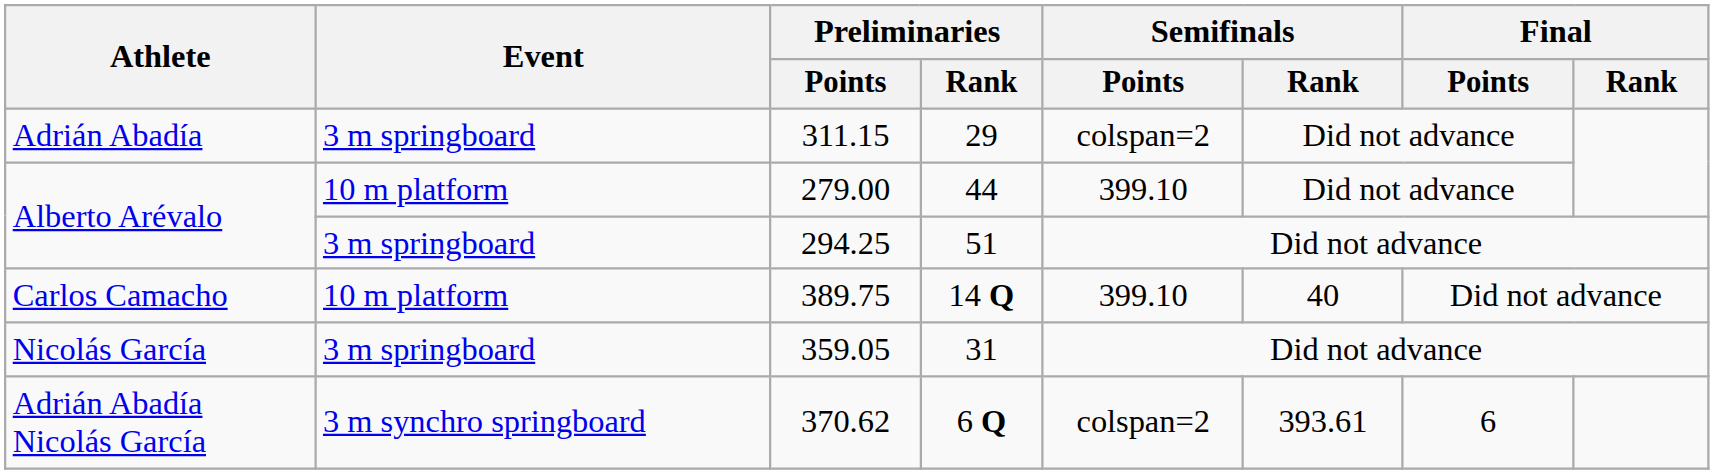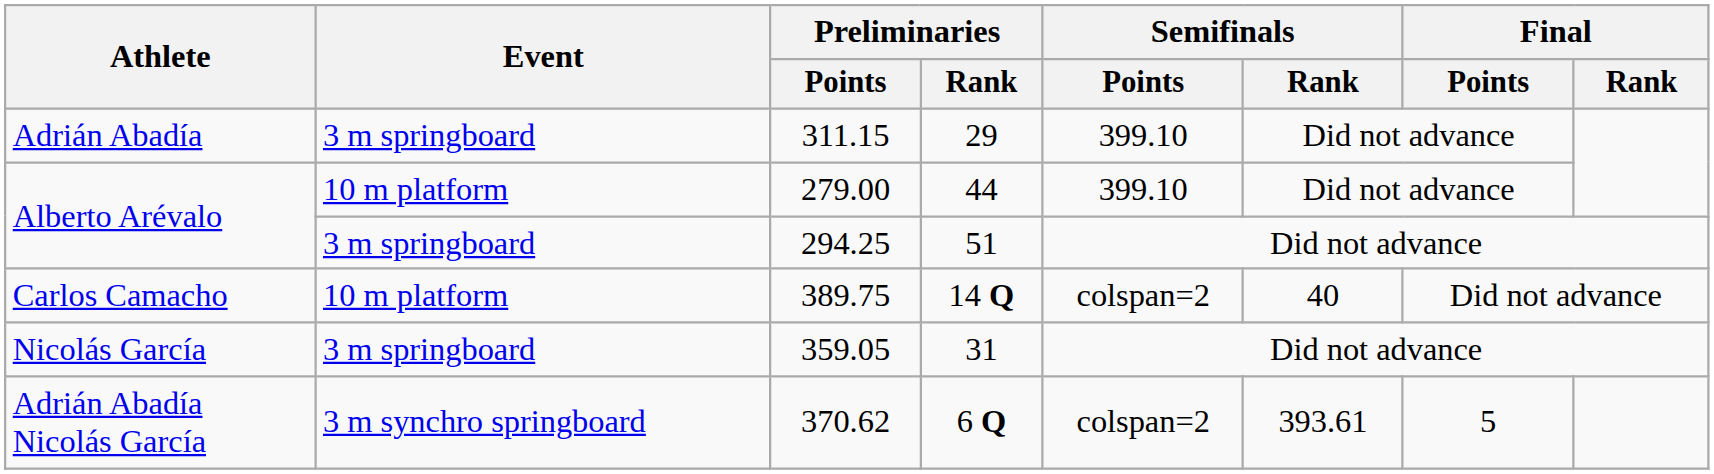 <table class="wikitable" style="text-align:center; font-size:90%; width:60%;">
 <tr>
 <th rowspan=2>Athlete</th>
 <th rowspan=2>Event</th>
 <th colspan=2>Preliminaries</th>
 <th colspan=2>Semifinals</th>
 <th colspan=2>Final</th>
 </tr>
 <tr style="font-size:95%">
 <th>Points</th>
 <th>Rank</th>
 <th>Points</th>
 <th>Rank</th>
 <th>Points</th>
 <th>Rank</th>
 </tr>
 <tr>
 <td align=left><a href='#'>Adrián Abadía</a></td>
 <td align=left><a href='#'>3 m springboard</a></td>
 <td>311.15</td>
 <td>29</td>
-<td>colspan=2 </td>
+<td>399.10</td>
 <td colspan=2>Did not advance</td>
 </tr>
 <tr>
 <td align=left rowspan=2><a href='#'>Alberto Arévalo</a></td>
 <td align=left><a href='#'>10 m platform</a></td>
 <td>279.00</td>
 <td>44</td>
 <td>399.10</td>
 <td colspan=2>Did not advance</td>
 </tr>
 <tr>
 <td align=left><a href='#'>3 m springboard</a></td>
 <td>294.25</td>
 <td>51</td>
 <td colspan=4>Did not advance</td>
 </tr>
 <tr>
 <td align=left><a href='#'>Carlos Camacho</a></td>
 <td align=left><a href='#'>10 m platform</a></td>
 <td>389.75</td>
 <td>14 <strong>Q</strong></td>
-<td>399.10</td>
+<td>colspan=2 </td>
 <td>40</td>
 <td colspan=2>Did not advance</td>
 </tr>
 <tr>
 <td align=left><a href='#'>Nicolás García</a></td>
 <td align=left><a href='#'>3 m springboard</a></td>
 <td>359.05</td>
 <td>31</td>
 <td colspan=4>Did not advance</td>
 </tr>
 <tr>
 <td align=left><a href='#'>Adrián Abadía</a><br> <a href='#'>Nicolás García</a></td>
 <td align=left><a href='#'>3 m synchro springboard</a></td>
 <td>370.62</td>
 <td>6 <strong>Q</strong></td>
 <td>colspan=2 </td>
 <td>393.61</td>
-<td>6</td>
+<td>5</td>
 </tr>
 </table>
